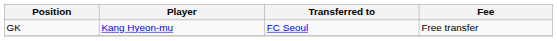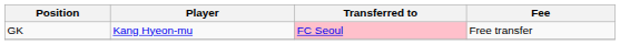 <table class="wikitable sortable" style="width:70%; text-align:center; font-size:100%; text-align:left;">
 <tr>
 <th>Position</th>
 <th>Player</th>
 <th>Transferred to</th>
 <th>Fee</th>
 </tr>
 <tr>
 <td>GK</td>
 <td> <a href='#'>Kang Hyeon-mu</a></td>
-<td> <a href='#'>FC Seoul</a></td>
+<td style="background: pink;"> <a href='#'>FC Seoul</a></td>
 <td>Free transfer</td>
 </tr>
 <tr>
 </tr>
 </table>
